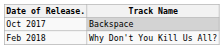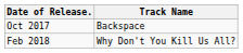 <table class="wikitable">
 <tr>
 <th>Date of Release.</th>
 <th>Track Name</th>
 </tr>
 <tr>
 <td>Oct 2017</td>
-<td style="background: lightgrey;">Backspace</td>
+<td>Backspace</td>
 </tr>
 <tr>
 <td>Feb 2018</td>
 <td>Why Don't You Kill Us All?</td>
 </tr>
 </table>
